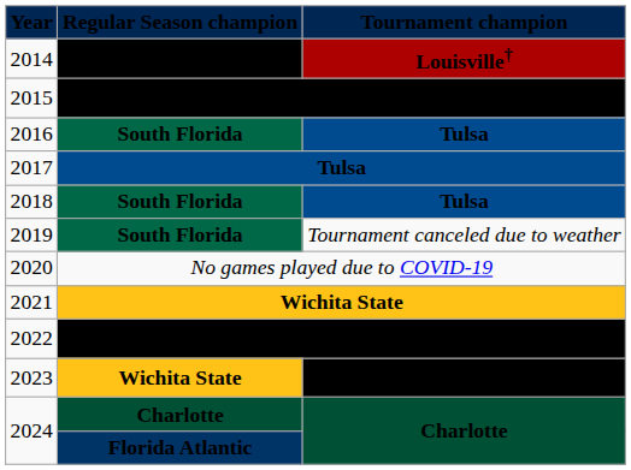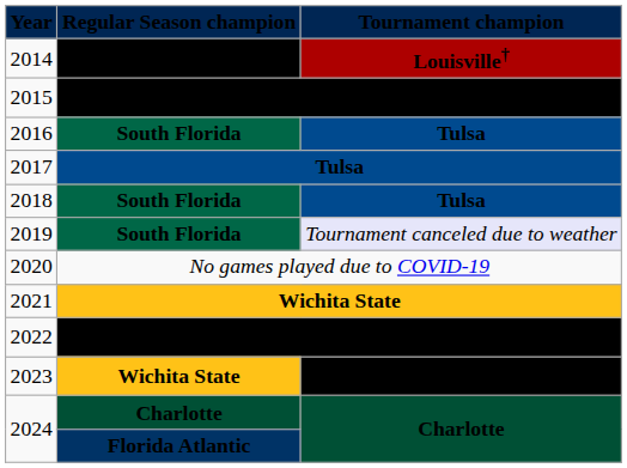 <table class="wikitable" style="text-align: center;">
 <tr>
 <th style="background:#002654;"><span>Year</span></th>
 <th style="background:#002654;"><span>Regular Season champion</span></th>
 <th style="background:#002654;"><span>Tournament champion</span></th>
 </tr>
 <tr>
 <td>2014</td>
 <td style="background:#000000;"><span><strong>UCF<sup>†</sup></strong></span></td>
 <td style="background:#AD0000;"><span><strong>Louisville<sup>†</sup></strong></span></td>
 </tr>
 <tr>
 <td>2015</td>
 <td colspan="2" style="background:#000000;"><span><strong>UCF<sup>†</sup></strong></span></td>
 </tr>
 <tr>
 <td>2016</td>
 <td style="background:#006747;"><span><strong>South Florida</strong></span></td>
 <td style="background:#004a8f;"><span><strong>Tulsa</strong></span></td>
 </tr>
 <tr>
 <td>2017</td>
 <td colspan="2" style="background:#004a8f;"><span><strong>Tulsa</strong></span></td>
 </tr>
 <tr>
 <td>2018</td>
 <td style="background:#006747;"><span><strong>South Florida</strong></span></td>
 <td style="background:#004a8f;"><span><strong>Tulsa</strong></span></td>
 </tr>
 <tr>
 <td>2019</td>
 <td style="background:#006747;"><span><strong>South Florida</strong></span></td>
-<td><em>Tournament canceled due to weather</em></td>
+<td style="background: lavender;"><em>Tournament canceled due to weather</em></td>
 </tr>
 <tr>
 <td>2020</td>
 <td colspan="2"><em>No games played due to <a href='#'>COVID-19</a></em></td>
 </tr>
 <tr>
 <td>2021</td>
 <td colspan="2" style="background:#ffc217;"><span><strong>Wichita State</strong></span></td>
 </tr>
 <tr>
 <td>2022</td>
 <td colspan="2" style="background:#000000;"><span><strong>UCF<sup>†</sup></strong></span></td>
 </tr>
 <tr>
 <td>2023</td>
 <td style="background:#ffc217;"><span><strong>Wichita State</strong></span></td>
 <td style="background:#000000;"><span><strong>UCF<sup>†</sup></strong></span></td>
 </tr>
 <tr>
 <td rowspan=2>2024</td>
 <td style="background:#005035;"><span><strong>Charlotte</strong></span></td>
 <td rowspan=2 style="background:#005035;"><span><strong>Charlotte</strong></span></td>
 </tr>
 <tr>
 <td style="background:#036;"><span><strong>Florida Atlantic<br></strong></span></td>
 </tr>
 </table>
